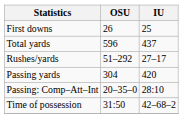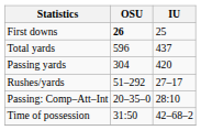 <table class="wikitable" style="float: left;">
 <tr>
 <th>Statistics</th>
 <th>OSU</th>
 <th>IU</th>
 </tr>
 <tr>
 <td>First downs</td>
-<td>26</td>
+<td><strong>26</strong></td>
 <td>25</td>
 </tr>
 <tr>
 <td>Total yards</td>
 <td>596</td>
 <td>437</td>
 </tr>
 <tr>
+<td>Passing yards</td>
+<td>304</td>
+<td>420</td>
+</tr>
+<tr>
 <td>Rushes/yards</td>
 <td>51–292</td>
 <td>27–17</td>
-</tr>
-<tr>
-<td>Passing yards</td>
-<td>304</td>
-<td>420</td>
 </tr>
 <tr>
 <td>Passing: Comp–Att–Int</td>
 <td>20–35–0</td>
 <td>28:10</td>
 </tr>
 <tr>
 <td>Time of possession</td>
 <td>31:50</td>
 <td>42–68–2</td>
 </tr>
 <tr>
 </tr>
 </table>
